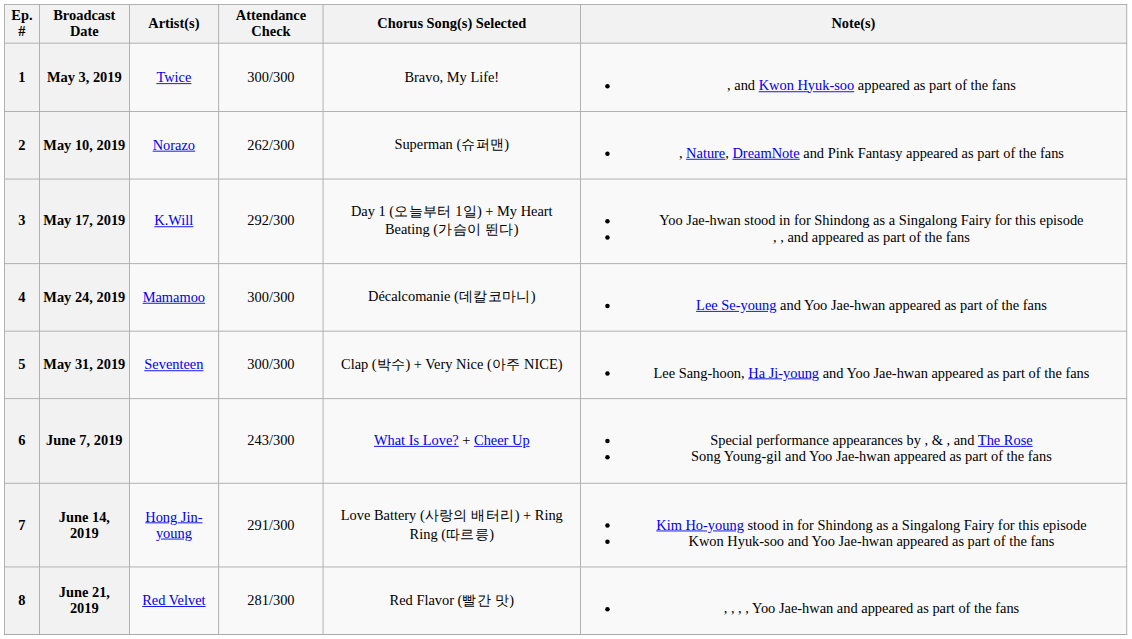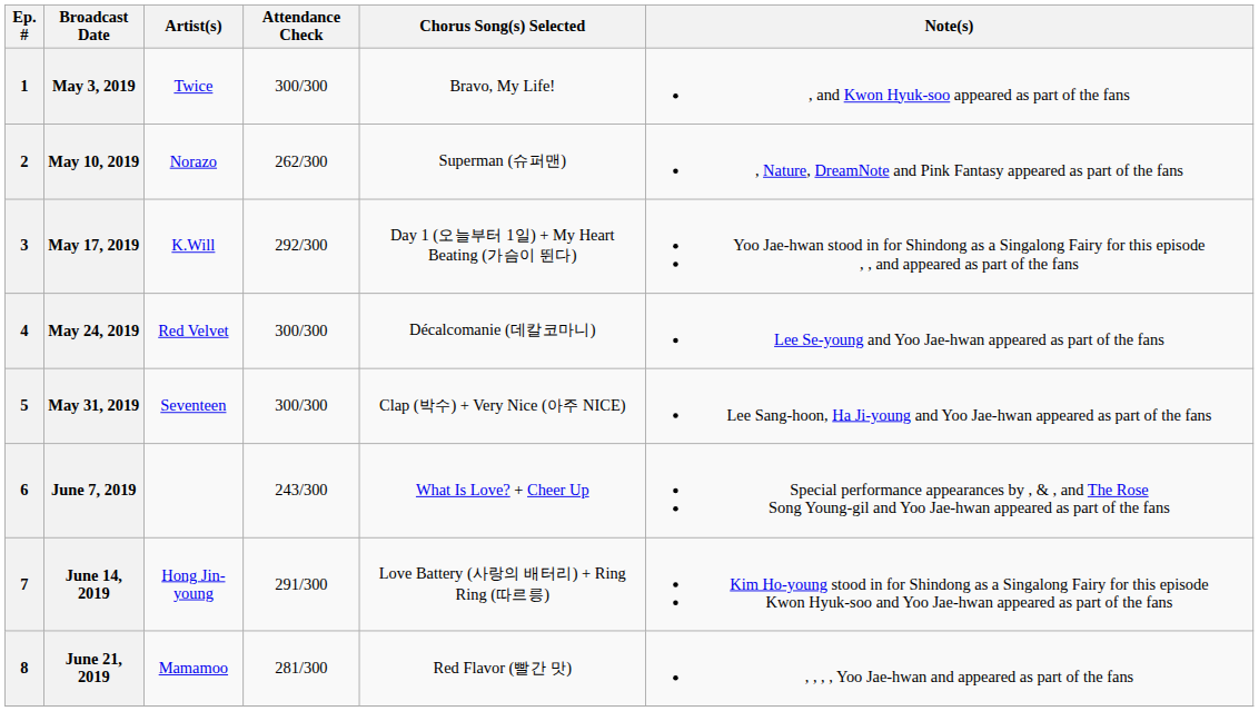 <table Class="wikitable sortable" style="text-align:center">
 <tr>
 <th>Ep. #</th>
 <th>Broadcast Date</th>
 <th>Artist(s)</th>
 <th>Attendance Check</th>
 <th>Chorus Song(s) Selected</th>
 <th width=600>Note(s)</th>
 </tr>
 <tr>
 <th>1</th>
 <th>May 3, 2019</th>
 <td><a href='#'>Twice</a></td>
 <td>300/300</td>
 <td>Bravo, My Life!</td>
 <td><br><ul><li>,  and <a href='#'>Kwon Hyuk-soo</a> appeared as part of the fans</li></ul></td>
 </tr>
 <tr>
 <th>2</th>
 <th>May 10, 2019</th>
 <td><a href='#'>Norazo</a></td>
 <td>262/300</td>
 <td>Superman (슈퍼맨)</td>
 <td><br><ul><li>, <a href='#'>Nature</a>, <a href='#'>DreamNote</a> and Pink Fantasy appeared as part of the fans</li></ul></td>
 </tr>
 <tr>
 <th>3</th>
 <th>May 17, 2019</th>
 <td><a href='#'>K.Will</a></td>
 <td>292/300</td>
 <td>Day 1 (오늘부터 1일) + My Heart Beating (가슴이 뛴다)</td>
 <td><br><ul><li>Yoo Jae-hwan stood in for Shindong as a Singalong Fairy for this episode</li><li>, ,  and  appeared as part of the fans</li></ul></td>
 </tr>
 <tr>
 <th>4</th>
 <th>May 24, 2019</th>
-<td><a href='#'>Mamamoo</a></td>
+<td><a href='#'>Red Velvet</a></td>
 <td>300/300</td>
 <td>Décalcomanie (데칼코마니)</td>
 <td><br><ul><li><a href='#'>Lee Se-young</a> and Yoo Jae-hwan appeared as part of the fans</li></ul></td>
 </tr>
 <tr>
 <th>5</th>
 <th>May 31, 2019</th>
 <td><a href='#'>Seventeen</a></td>
 <td>300/300</td>
 <td>Clap (박수) + Very Nice (아주 NICE)</td>
 <td><br><ul><li>Lee Sang-hoon, <a href='#'>Ha Ji-young</a> and Yoo Jae-hwan appeared as part of the fans</li></ul></td>
 </tr>
 <tr>
 <th>6</th>
 <th>June 7, 2019</th>
 <td></td>
 <td>243/300</td>
 <td><a href='#'>What Is Love?</a> + <a href='#'>Cheer Up</a></td>
 <td><br><ul><li>Special performance appearances by ,  & ,  and <a href='#'>The Rose</a></li><li>Song Young-gil and Yoo Jae-hwan appeared as part of the fans</li></ul></td>
 </tr>
 <tr>
 <th>7</th>
 <th>June 14, 2019</th>
 <td><a href='#'>Hong Jin-young</a></td>
 <td>291/300</td>
 <td>Love Battery (사랑의 배터리) + Ring Ring (따르릉)</td>
 <td><br><ul><li><a href='#'>Kim Ho-young</a> stood in for Shindong as a Singalong Fairy for this episode</li><li>Kwon Hyuk-soo and Yoo Jae-hwan appeared as part of the fans</li></ul></td>
 </tr>
 <tr>
 <th>8</th>
 <th>June 21, 2019</th>
-<td><a href='#'>Red Velvet</a></td>
+<td><a href='#'>Mamamoo</a></td>
 <td>281/300</td>
 <td>Red Flavor (빨간 맛)</td>
 <td><br><ul><li>, , , , Yoo Jae-hwan and  appeared as part of the fans</li></ul></td>
 </tr>
 <tr>
 </tr>
 </table>
